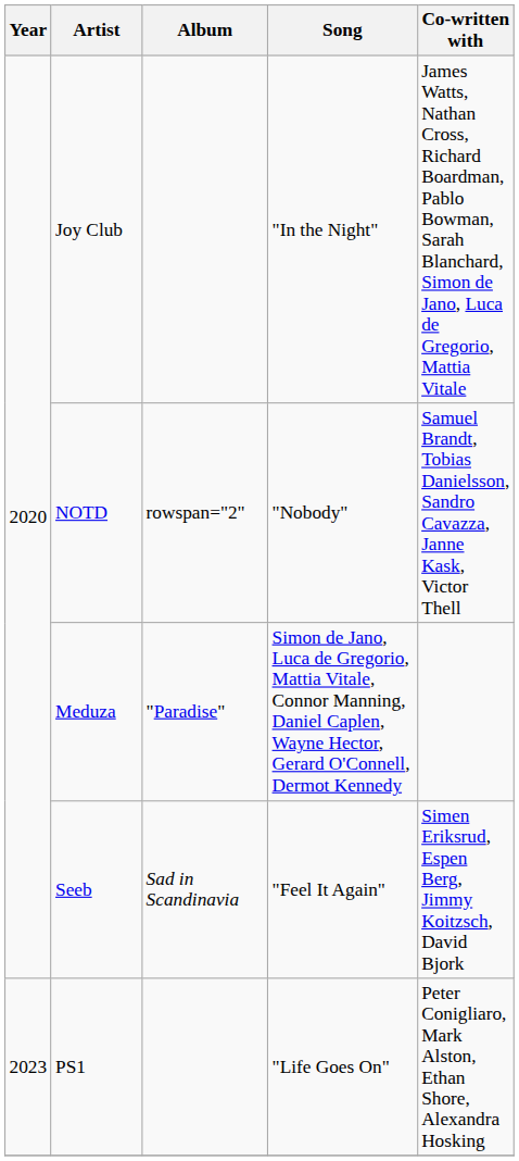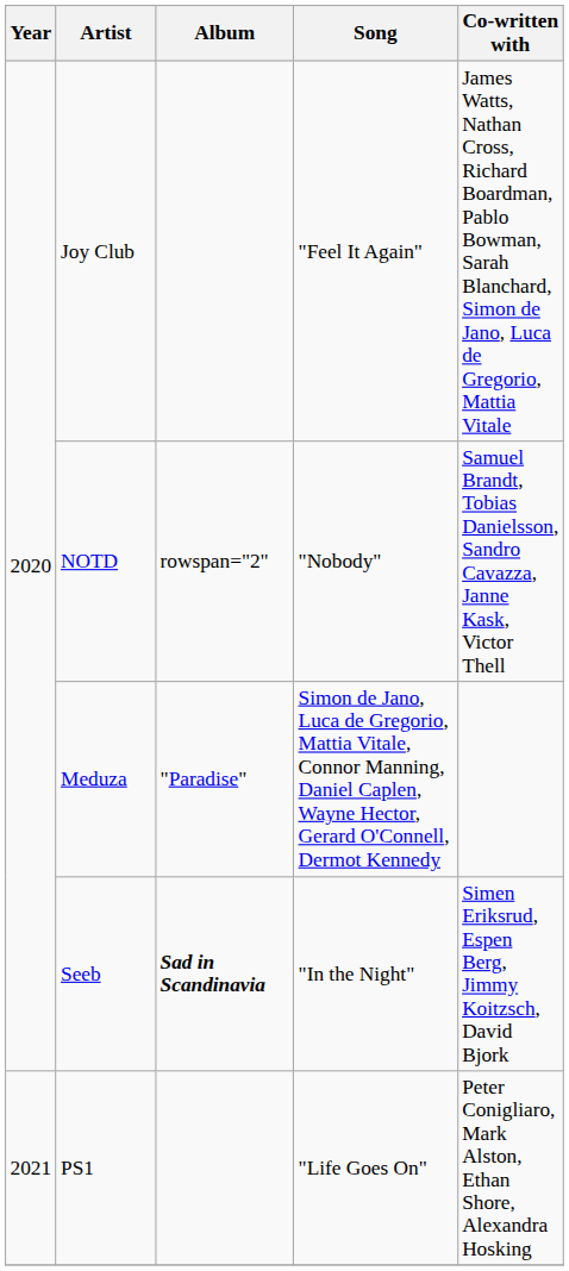 <table class="wikitable">
 <tr style="background:#ccc; text-align:center;">
 <th scope="col" align="center" style="width: 10px;"><strong>Year</strong></th>
 <th scope="col" style="width: 70px;"><strong>Artist</strong></th>
 <th scope="col" style="width: 100px;"><strong>Album</strong></th>
 <th scope="col" style="width: 120px;"><strong>Song</strong></th>
 <th scope="col" style="width: 50px;"><strong>Co-written with</strong></th>
 </tr>
 <tr>
 <td rowspan="4">2020</td>
 <td>Joy Club</td>
 <td></td>
-<td>"In the Night"</td>
+<td>"Feel It Again"<br></td>
 <td>James Watts, Nathan Cross, Richard Boardman, Pablo Bowman, Sarah Blanchard, <a href='#'>Simon de Jano</a>, <a href='#'>Luca de Gregorio</a>, <a href='#'>Mattia Vitale</a></td>
 </tr>
 <tr>
 <td><a href='#'>NOTD</a></td>
 <td>rowspan="2" </td>
 <td>"Nobody"<br></td>
 <td><a href='#'>Samuel Brandt</a>, <a href='#'>Tobias Danielsson</a>, <a href='#'>Sandro Cavazza</a>, <a href='#'>Janne Kask</a>, Victor Thell</td>
 </tr>
 <tr>
 <td><a href='#'>Meduza</a></td>
 <td>"<a href='#'>Paradise</a>"<br></td>
 <td><a href='#'>Simon de Jano</a>, <a href='#'>Luca de Gregorio</a>, <a href='#'>Mattia Vitale</a>, Connor Manning, <a href='#'>Daniel Caplen</a>, <a href='#'>Wayne Hector</a>, <a href='#'>Gerard O'Connell</a>, <a href='#'>Dermot Kennedy</a></td>
 </tr>
 <tr>
 <td><a href='#'>Seeb</a></td>
-<td><em>Sad in Scandinavia</em></td>
-<td>"Feel It Again"<br></td>
+<td><strong><em>Sad in Scandinavia</em></strong></td>
+<td>"In the Night"</td>
 <td><a href='#'>Simen Eriksrud</a>, <a href='#'>Espen Berg</a>, <a href='#'>Jimmy Koitzsch</a>, David Bjork</td>
 </tr>
 <tr>
-<td>2023</td>
+<td>2021</td>
 <td>PS1</td>
 <td></td>
 <td>"Life Goes On"<br></td>
 <td>Peter Conigliaro, Mark Alston, Ethan Shore, Alexandra Hosking</td>
 </tr>
 <tr>
 </tr>
 </table>
